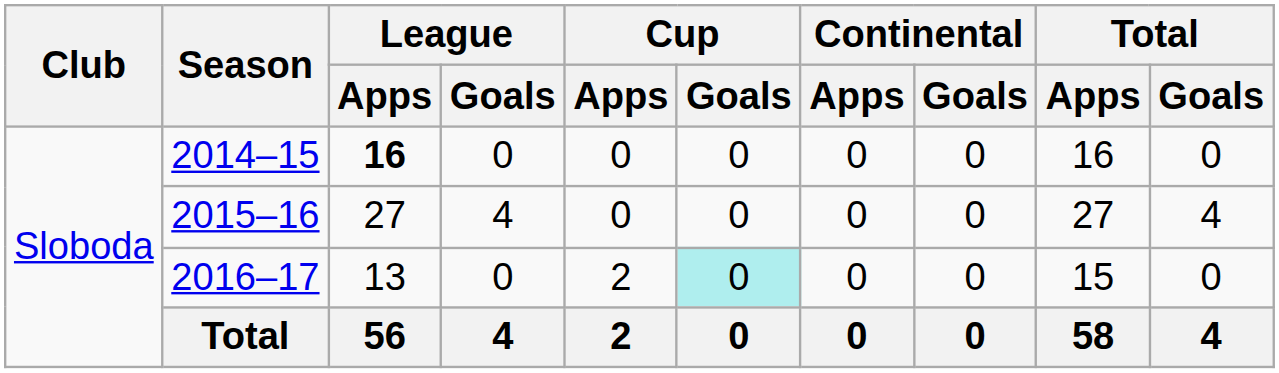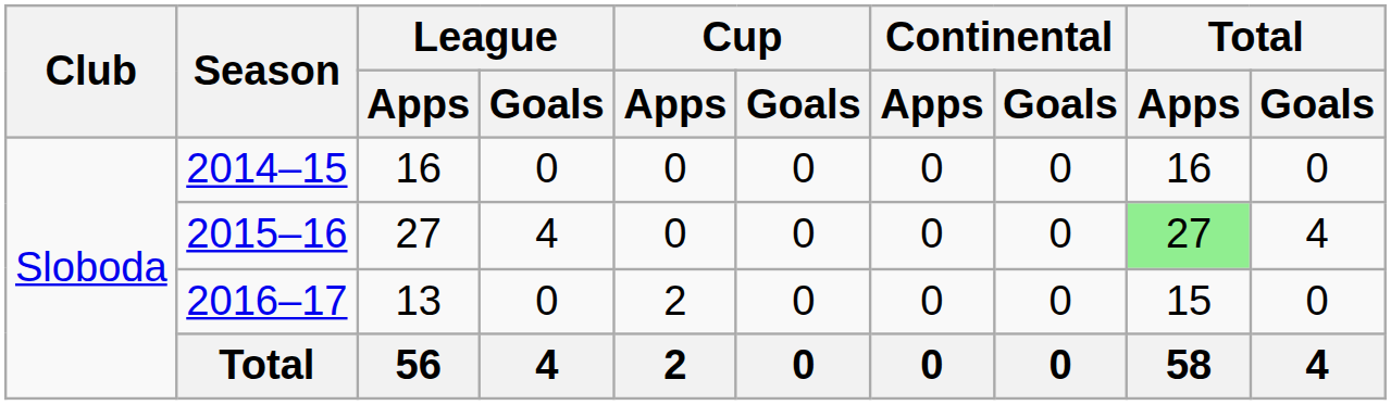 <table class="wikitable" style="text-align:center">
 <tr>
 <th rowspan="2">Club</th>
 <th rowspan="2">Season</th>
 <th colspan="2">League</th>
 <th colspan="2">Cup</th>
 <th colspan="2">Continental</th>
 <th colspan="2">Total</th>
 </tr>
 <tr>
 <th>Apps</th>
 <th>Goals</th>
 <th>Apps</th>
 <th>Goals</th>
 <th>Apps</th>
 <th>Goals</th>
 <th>Apps</th>
 <th>Goals</th>
 </tr>
 <tr>
 <td rowspan="4"><a href='#'>Sloboda</a></td>
 <td><a href='#'>2014–15</a></td>
-<td><strong>16</strong></td>
+<td>16</td>
 <td>0</td>
 <td>0</td>
 <td>0</td>
 <td>0</td>
 <td>0</td>
 <td>16</td>
 <td>0</td>
 </tr>
 <tr>
 <td><a href='#'>2015–16</a></td>
 <td>27</td>
 <td>4</td>
 <td>0</td>
 <td>0</td>
 <td>0</td>
 <td>0</td>
-<td>27</td>
+<td style="background: lightgreen;">27</td>
 <td>4</td>
 </tr>
 <tr>
 <td><a href='#'>2016–17</a></td>
 <td>13</td>
 <td>0</td>
 <td>2</td>
-<td style="background: paleturquoise;">0</td>
+<td>0</td>
 <td>0</td>
 <td>0</td>
 <td>15</td>
 <td>0</td>
 </tr>
 <tr>
 <th>Total</th>
 <th>56</th>
 <th>4</th>
 <th>2</th>
 <th>0</th>
 <th>0</th>
 <th>0</th>
 <th>58</th>
 <th>4</th>
 </tr>
 </table>
